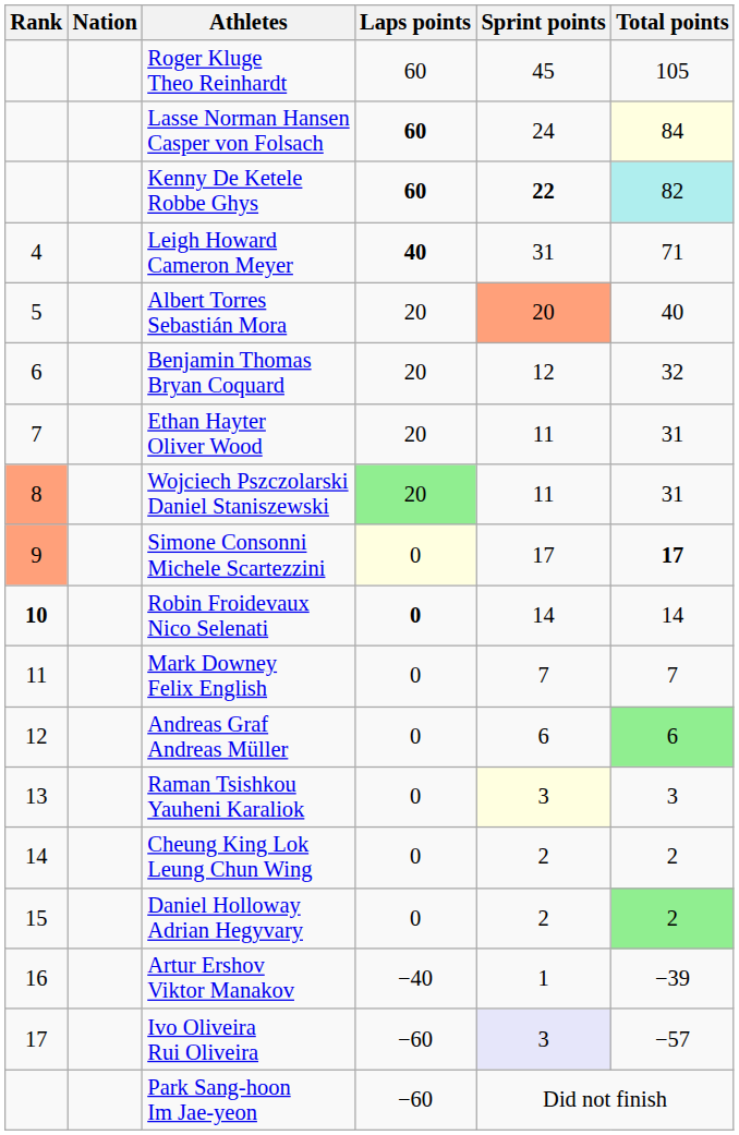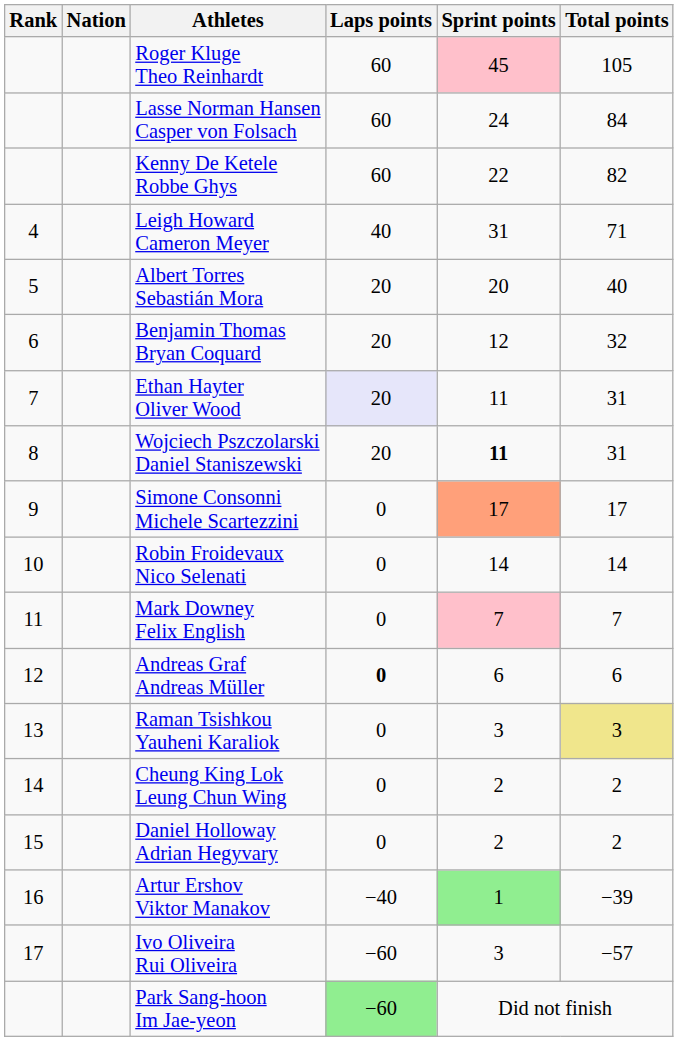 <table class="wikitable sortable" style="text-align:center">
 <tr>
 <th>Rank</th>
 <th>Nation</th>
 <th>Athletes</th>
 <th>Laps points</th>
 <th>Sprint points</th>
 <th>Total points</th>
 </tr>
 <tr>
 <td></td>
 <td align=left></td>
 <td align=left><a href='#'>Roger Kluge</a><br><a href='#'>Theo Reinhardt</a></td>
 <td>60</td>
-<td>45</td>
+<td style="background: pink;">45</td>
 <td>105</td>
 </tr>
 <tr>
 <td></td>
 <td align=left></td>
 <td align=left><a href='#'>Lasse Norman Hansen</a><br><a href='#'>Casper von Folsach</a></td>
-<td><strong>60</strong></td>
+<td>60</td>
 <td>24</td>
-<td style="background: lightyellow;">84</td>
+<td>84</td>
 </tr>
 <tr>
 <td></td>
 <td align=left></td>
 <td align=left><a href='#'>Kenny De Ketele</a><br><a href='#'>Robbe Ghys</a></td>
-<td><strong>60</strong></td>
-<td><strong>22</strong></td>
-<td style="background: paleturquoise;">82</td>
+<td>60</td>
+<td>22</td>
+<td>82</td>
 </tr>
 <tr>
 <td>4</td>
 <td align=left></td>
 <td align=left><a href='#'>Leigh Howard</a><br><a href='#'>Cameron Meyer</a></td>
-<td><strong>40</strong></td>
+<td>40</td>
 <td>31</td>
 <td>71</td>
 </tr>
 <tr>
 <td>5</td>
 <td align=left></td>
 <td align=left><a href='#'>Albert Torres</a><br><a href='#'>Sebastián Mora</a></td>
 <td>20</td>
-<td style="background: lightsalmon;">20</td>
+<td>20</td>
 <td>40</td>
 </tr>
 <tr>
 <td>6</td>
 <td align=left></td>
 <td align=left><a href='#'>Benjamin Thomas</a><br><a href='#'>Bryan Coquard</a></td>
 <td>20</td>
 <td>12</td>
 <td>32</td>
 </tr>
 <tr>
 <td>7</td>
 <td align=left></td>
 <td align=left><a href='#'>Ethan Hayter</a><br><a href='#'>Oliver Wood</a></td>
-<td>20</td>
+<td style="background: lavender;">20</td>
 <td>11</td>
 <td>31</td>
 </tr>
 <tr>
-<td style="background: lightsalmon;">8</td>
+<td>8</td>
 <td align=left></td>
 <td align=left><a href='#'>Wojciech Pszczolarski</a><br><a href='#'>Daniel Staniszewski</a></td>
-<td style="background: lightgreen;">20</td>
-<td>11</td>
+<td>20</td>
+<td><strong>11</strong></td>
 <td>31</td>
 </tr>
 <tr>
-<td style="background: lightsalmon;">9</td>
+<td>9</td>
 <td align=left></td>
 <td align=left><a href='#'>Simone Consonni</a><br><a href='#'>Michele Scartezzini</a></td>
-<td style="background: lightyellow;">0</td>
+<td>0</td>
+<td style="background: lightsalmon;">17</td>
 <td>17</td>
-<td><strong>17</strong></td>
 </tr>
 <tr>
-<td><strong>10</strong></td>
+<td>10</td>
 <td align=left></td>
 <td align=left><a href='#'>Robin Froidevaux</a><br><a href='#'>Nico Selenati</a></td>
-<td><strong>0</strong></td>
+<td>0</td>
 <td>14</td>
 <td>14</td>
 </tr>
 <tr>
 <td>11</td>
 <td align=left></td>
 <td align=left><a href='#'>Mark Downey</a><br><a href='#'>Felix English</a></td>
 <td>0</td>
-<td>7</td>
+<td style="background: pink;">7</td>
 <td>7</td>
 </tr>
 <tr>
 <td>12</td>
 <td align=left></td>
 <td align=left><a href='#'>Andreas Graf</a><br><a href='#'>Andreas Müller</a></td>
-<td>0</td>
+<td><strong>0</strong></td>
 <td>6</td>
-<td style="background: lightgreen;">6</td>
+<td>6</td>
 </tr>
 <tr>
 <td>13</td>
 <td align=left></td>
 <td align=left><a href='#'>Raman Tsishkou</a><br><a href='#'>Yauheni Karaliok</a></td>
 <td>0</td>
-<td style="background: lightyellow;">3</td>
 <td>3</td>
+<td style="background: khaki;">3</td>
 </tr>
 <tr>
 <td>14</td>
 <td align=left></td>
 <td align=left><a href='#'>Cheung King Lok</a><br><a href='#'>Leung Chun Wing</a></td>
 <td>0</td>
 <td>2</td>
 <td>2</td>
 </tr>
 <tr>
 <td>15</td>
 <td align=left></td>
 <td align=left><a href='#'>Daniel Holloway</a><br><a href='#'>Adrian Hegyvary</a></td>
 <td>0</td>
 <td>2</td>
-<td style="background: lightgreen;">2</td>
+<td>2</td>
 </tr>
 <tr>
 <td>16</td>
 <td align=left></td>
 <td align=left><a href='#'>Artur Ershov</a><br><a href='#'>Viktor Manakov</a></td>
 <td>−40</td>
-<td>1</td>
+<td style="background: lightgreen;">1</td>
 <td>−39</td>
 </tr>
 <tr>
 <td>17</td>
 <td align=left></td>
 <td align=left><a href='#'>Ivo Oliveira</a><br><a href='#'>Rui Oliveira</a></td>
 <td>−60</td>
-<td style="background: lavender;">3</td>
+<td>3</td>
 <td>−57</td>
 </tr>
 <tr>
 <td></td>
 <td align=left></td>
 <td align=left><a href='#'>Park Sang-hoon</a><br><a href='#'>Im Jae-yeon</a></td>
-<td>−60</td>
+<td style="background: lightgreen;">−60</td>
 <td colspan=2>Did not finish</td>
 </tr>
 </table>
